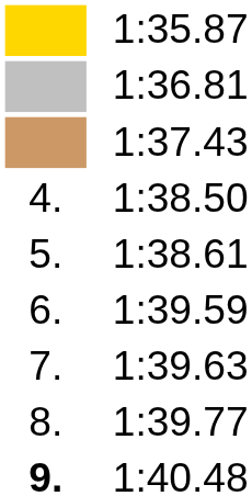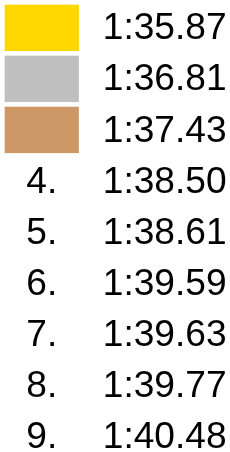 <table style="text-align:center">
 <tr>
 <td width=30 bgcolor=gold></td>
 <td align=left></td>
 <td width=60>1:35.87</td>
 </tr>
 <tr>
 <td bgcolor=silver></td>
 <td align=left></td>
 <td>1:36.81</td>
 </tr>
 <tr>
 <td bgcolor=cc9966></td>
 <td align=left></td>
 <td>1:37.43</td>
 </tr>
 <tr>
 <td>4.</td>
 <td align=left></td>
 <td>1:38.50</td>
 </tr>
 <tr>
 <td>5.</td>
 <td align=left></td>
 <td>1:38.61</td>
 </tr>
 <tr>
 <td>6.</td>
 <td align=left></td>
 <td>1:39.59</td>
 </tr>
 <tr>
 <td>7.</td>
 <td align=left></td>
 <td>1:39.63</td>
 </tr>
 <tr>
 <td>8.</td>
 <td align=left></td>
 <td>1:39.77</td>
 </tr>
 <tr>
-<td><strong>9.</strong></td>
+<td>9.</td>
 <td align=left></td>
 <td>1:40.48</td>
 </tr>
 </table>
